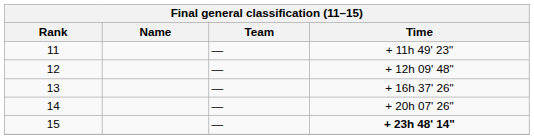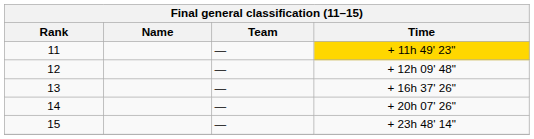 <table class="collapsible collapsed wikitable" style="width:45em;margin-top:0;">
 <tr>
 <th colspan=4>Final general classification (11–15)</th>
 </tr>
 <tr>
 <th>Rank</th>
 <th>Name</th>
 <th>Team</th>
 <th>Time</th>
 </tr>
 <tr>
 <td style="text-align:center;">11</td>
 <td></td>
 <td>—</td>
-<td align=center>+ 11h 49' 23"</td>
+<td align=center style="background: gold;">+ 11h 49' 23"</td>
 </tr>
 <tr>
 <td style="text-align:center;">12</td>
 <td></td>
 <td>—</td>
 <td align=center>+ 12h 09' 48"</td>
 </tr>
 <tr>
 <td style="text-align:center;">13</td>
 <td></td>
 <td>—</td>
 <td align=center>+ 16h 37' 26"</td>
 </tr>
 <tr>
 <td style="text-align:center;">14</td>
 <td></td>
 <td>—</td>
 <td align=center>+ 20h 07' 26"</td>
 </tr>
 <tr>
 <td style="text-align:center;">15</td>
 <td></td>
 <td>—</td>
-<td align=center><strong>+ 23h 48' 14"</strong></td>
+<td align=center>+ 23h 48' 14"</td>
 </tr>
 <tr>
 </tr>
 </table>
